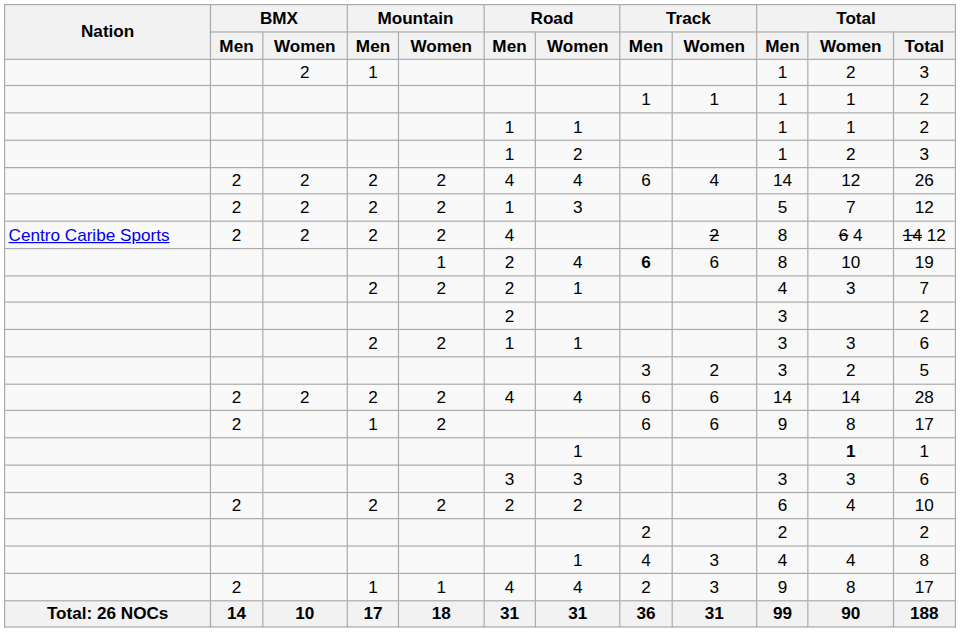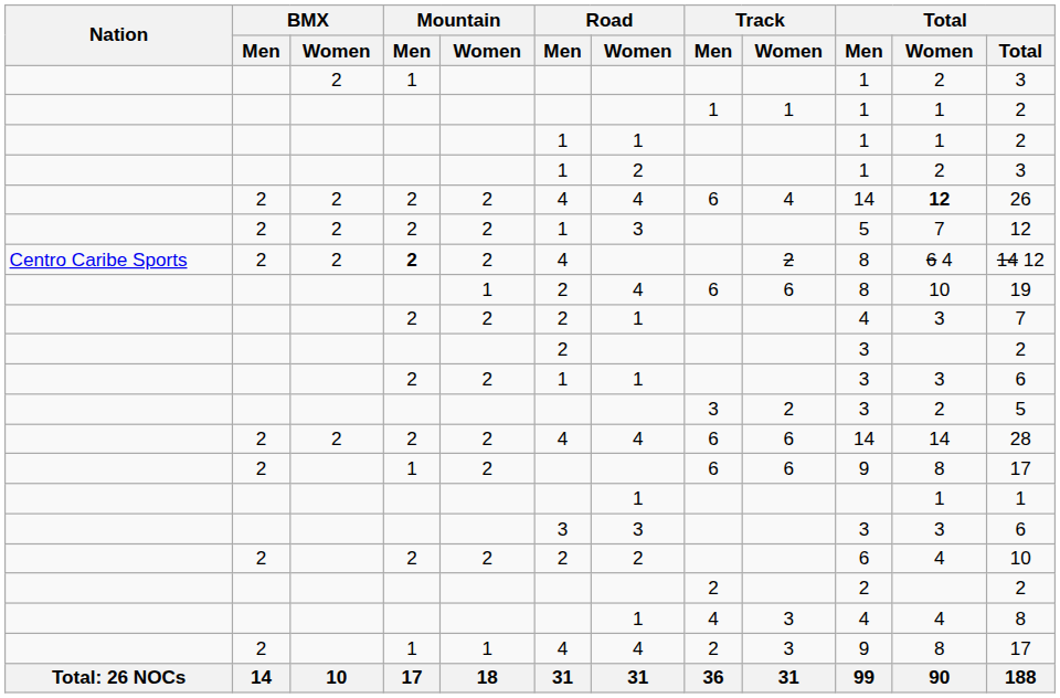 <table class="wikitable" style="width:800px; text-align:center; font-size:90%;">
 <tr>
 <th rowspan="2" style="text-align:center;">Nation</th>
 <th colspan="2">BMX</th>
 <th colspan="2">Mountain</th>
 <th colspan="2">Road</th>
 <th colspan="2">Track</th>
 <th colspan="3">Total</th>
 </tr>
 <tr>
 <th>Men</th>
 <th>Women</th>
 <th>Men</th>
 <th>Women</th>
 <th>Men</th>
 <th>Women</th>
 <th>Men</th>
 <th>Women</th>
 <th>Men</th>
 <th>Women</th>
 <th>Total</th>
 </tr>
 <tr>
 <td align="left"></td>
 <td></td>
 <td>2</td>
 <td>1</td>
 <td></td>
 <td></td>
 <td></td>
 <td></td>
 <td></td>
 <td>1</td>
 <td>2</td>
 <td>3</td>
 </tr>
 <tr>
 <td align="left"></td>
 <td></td>
 <td></td>
 <td></td>
 <td></td>
 <td></td>
 <td></td>
 <td>1</td>
 <td>1</td>
 <td>1</td>
 <td>1</td>
 <td>2</td>
 </tr>
 <tr>
 <td align="left"></td>
 <td></td>
 <td></td>
 <td></td>
 <td></td>
 <td>1</td>
 <td>1</td>
 <td></td>
 <td></td>
 <td>1</td>
 <td>1</td>
 <td>2</td>
 </tr>
 <tr>
 <td align="left"></td>
 <td></td>
 <td></td>
 <td></td>
 <td></td>
 <td>1</td>
 <td>2</td>
 <td></td>
 <td></td>
 <td>1</td>
 <td>2</td>
 <td>3</td>
 </tr>
 <tr>
 <td align="left"></td>
 <td>2</td>
 <td>2</td>
 <td>2</td>
 <td>2</td>
 <td>4</td>
 <td>4</td>
 <td>6</td>
 <td>4</td>
 <td>14</td>
-<td>12</td>
+<td><strong>12</strong></td>
 <td>26</td>
 </tr>
 <tr>
 <td align="left"></td>
 <td>2</td>
 <td>2</td>
 <td>2</td>
 <td>2</td>
 <td>1</td>
 <td>3</td>
 <td></td>
 <td></td>
 <td>5</td>
 <td>7</td>
 <td>12</td>
 </tr>
 <tr>
 <td align="left"><a href='#'>Centro Caribe Sports</a></td>
 <td>2</td>
 <td>2</td>
-<td>2</td>
+<td><strong>2</strong></td>
 <td>2</td>
 <td>4</td>
 <td></td>
 <td></td>
 <td><s>2</s></td>
 <td>8</td>
 <td><s>6</s> 4</td>
 <td><s>14</s> 12</td>
 </tr>
 <tr>
 <td align="left"></td>
 <td></td>
 <td></td>
 <td></td>
 <td>1</td>
 <td>2</td>
 <td>4</td>
-<td><strong>6</strong></td>
+<td>6</td>
 <td>6</td>
 <td>8</td>
 <td>10</td>
 <td>19</td>
 </tr>
 <tr>
 <td align="left"></td>
 <td></td>
 <td></td>
 <td>2</td>
 <td>2</td>
 <td>2</td>
 <td>1</td>
 <td></td>
 <td></td>
 <td>4</td>
 <td>3</td>
 <td>7</td>
 </tr>
 <tr>
 <td align="left"></td>
 <td></td>
 <td></td>
 <td></td>
 <td></td>
 <td>2</td>
 <td></td>
 <td></td>
 <td></td>
 <td>3</td>
 <td></td>
 <td>2</td>
 </tr>
 <tr>
 <td></td>
 <td></td>
 <td></td>
 <td>2</td>
 <td>2</td>
 <td>1</td>
 <td>1</td>
 <td></td>
 <td></td>
 <td>3</td>
 <td>3</td>
 <td>6</td>
 </tr>
 <tr>
 <td align="left"></td>
 <td></td>
 <td></td>
 <td></td>
 <td></td>
 <td></td>
 <td></td>
 <td>3</td>
 <td>2</td>
 <td>3</td>
 <td>2</td>
 <td>5</td>
 </tr>
 <tr>
 <td align="left"></td>
 <td>2</td>
 <td>2</td>
 <td>2</td>
 <td>2</td>
 <td>4</td>
 <td>4</td>
 <td>6</td>
 <td>6</td>
 <td>14</td>
 <td>14</td>
 <td>28</td>
 </tr>
 <tr>
 <td align="left"></td>
 <td>2</td>
 <td></td>
 <td>1</td>
 <td>2</td>
 <td></td>
 <td></td>
 <td>6</td>
 <td>6</td>
 <td>9</td>
 <td>8</td>
 <td>17</td>
 </tr>
 <tr>
 <td align="left"></td>
 <td></td>
 <td></td>
 <td></td>
 <td></td>
 <td></td>
 <td>1</td>
 <td></td>
 <td></td>
 <td></td>
-<td><strong>1</strong></td>
+<td>1</td>
 <td>1</td>
 </tr>
 <tr>
 <td align="left"></td>
 <td></td>
 <td></td>
 <td></td>
 <td></td>
 <td>3</td>
 <td>3</td>
 <td></td>
 <td></td>
 <td>3</td>
 <td>3</td>
 <td>6</td>
 </tr>
 <tr>
 <td align="left"></td>
 <td>2</td>
 <td></td>
 <td>2</td>
 <td>2</td>
 <td>2</td>
 <td>2</td>
 <td></td>
 <td></td>
 <td>6</td>
 <td>4</td>
 <td>10</td>
 </tr>
 <tr>
 <td align="left"></td>
 <td></td>
 <td></td>
 <td></td>
 <td></td>
 <td></td>
 <td></td>
 <td>2</td>
 <td></td>
 <td>2</td>
 <td></td>
 <td>2</td>
 </tr>
 <tr>
 <td align="left"></td>
 <td></td>
 <td></td>
 <td></td>
 <td></td>
 <td></td>
 <td>1</td>
 <td>4</td>
 <td>3</td>
 <td>4</td>
 <td>4</td>
 <td>8</td>
 </tr>
 <tr>
 <td align="left"></td>
 <td>2</td>
 <td></td>
 <td>1</td>
 <td>1</td>
 <td>4</td>
 <td>4</td>
 <td>2</td>
 <td>3</td>
 <td>9</td>
 <td>8</td>
 <td>17</td>
 </tr>
 <tr>
 <th>Total: 26 NOCs</th>
 <th>14</th>
 <th>10</th>
 <th>17</th>
 <th>18</th>
 <th>31</th>
 <th>31</th>
 <th>36</th>
 <th>31</th>
 <th>99</th>
 <th>90</th>
 <th>188</th>
 </tr>
 </table>
